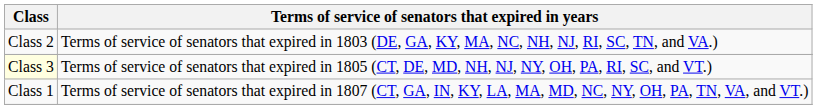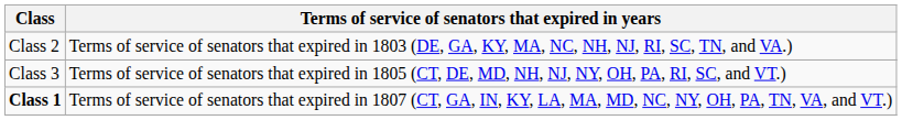 <table class="wikitable sortable">
 <tr valign=bottom>
 <th>Class</th>
 <th>Terms of service of senators that expired in years</th>
 </tr>
 <tr>
 <td>Class 2</td>
 <td>Terms of service of senators that expired in 1803 (<a href='#'>DE</a>, <a href='#'>GA</a>, <a href='#'>KY</a>, <a href='#'>MA</a>, <a href='#'>NC</a>, <a href='#'>NH</a>, <a href='#'>NJ</a>, <a href='#'>RI</a>, <a href='#'>SC</a>, <a href='#'>TN</a>, and <a href='#'>VA</a>.)</td>
 </tr>
 <tr>
 </tr>
 <tr>
-<td style="background: lightyellow;">Class 3</td>
+<td>Class 3</td>
 <td>Terms of service of senators that expired in 1805 (<a href='#'>CT</a>, <a href='#'>DE</a>, <a href='#'>MD</a>, <a href='#'>NH</a>, <a href='#'>NJ</a>, <a href='#'>NY</a>, <a href='#'>OH</a>, <a href='#'>PA</a>, <a href='#'>RI</a>, <a href='#'>SC</a>, and <a href='#'>VT</a>.)</td>
 </tr>
 <tr>
-<td>Class 1</td>
+<td><strong>Class 1</strong></td>
 <td>Terms of service of senators that expired in 1807 (<a href='#'>CT</a>, <a href='#'>GA</a>, <a href='#'>IN</a>, <a href='#'>KY</a>, <a href='#'>LA</a>, <a href='#'>MA</a>, <a href='#'>MD</a>, <a href='#'>NC</a>, <a href='#'>NY</a>, <a href='#'>OH</a>, <a href='#'>PA</a>, <a href='#'>TN</a>, <a href='#'>VA</a>, and <a href='#'>VT</a>.)</td>
 </tr>
 <tr>
 </tr>
 </table>
